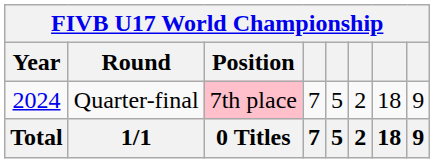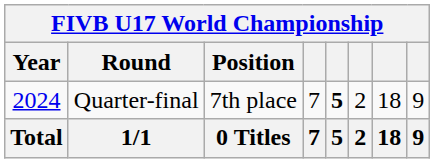 <table class="wikitable" style="text-align: center;">
 <tr>
 <th colspan=8><a href='#'>FIVB U17 World Championship</a></th>
 </tr>
 <tr>
 <th>Year</th>
 <th>Round</th>
 <th>Position</th>
 <th></th>
 <th></th>
 <th></th>
 <th></th>
 <th></th>
 </tr>
 <tr>
 <td> <a href='#'>2024</a></td>
 <td>Quarter-final</td>
-<td style="background: pink;">7th place</td>
+<td>7th place</td>
 <td>7</td>
-<td>5</td>
+<td><strong>5</strong></td>
 <td>2</td>
 <td>18</td>
 <td>9</td>
 </tr>
 <tr>
 <th>Total</th>
 <th>1/1</th>
 <th>0 Titles</th>
 <th>7</th>
 <th>5</th>
 <th>2</th>
 <th>18</th>
 <th>9</th>
 </tr>
 </table>
